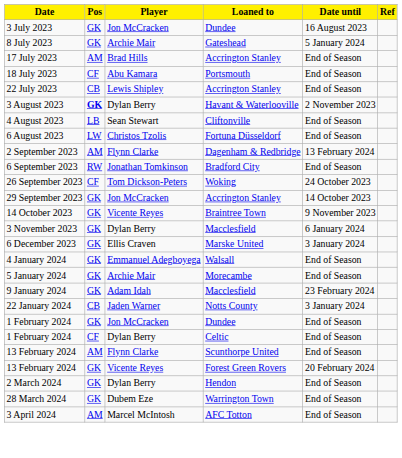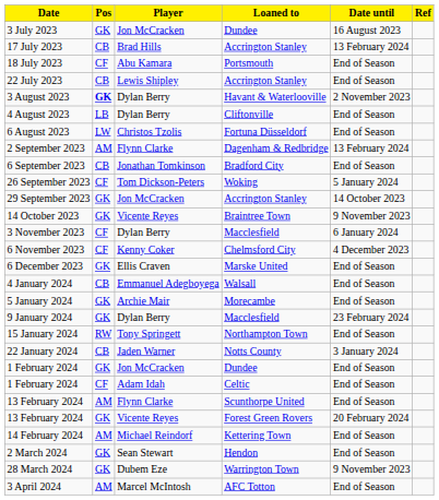 <table class="wikitable plainrowheaders sortable">
 <tr>
 <th style="background:#fff000;color:#000000;">Date</th>
 <th style="background:#fff000;color:#000000;">Pos</th>
 <th style="background:#fff000;color:#000000;">Player</th>
 <th style="background:#fff000;color:#000000;">Loaned to</th>
 <th style="background:#fff000;color:#000000;">Date until</th>
 <th style="background:#fff000;color:#000000;">Ref</th>
 </tr>
 <tr>
 <td>3 July 2023</td>
 <td><a href='#'>GK</a></td>
 <td> <a href='#'>Jon McCracken</a></td>
 <td> <a href='#'>Dundee</a></td>
 <td>16 August 2023</td>
 <td></td>
 </tr>
 <tr>
-<td>8 July 2023</td>
-<td><a href='#'>GK</a></td>
-<td> <a href='#'>Archie Mair</a></td>
-<td> <a href='#'>Gateshead</a></td>
-<td>5 January 2024</td>
-<td></td>
-</tr>
-<tr>
 <td>17 July 2023</td>
-<td><a href='#'>AM</a></td>
+<td><a href='#'>CB</a></td>
 <td> <a href='#'>Brad Hills</a></td>
 <td> <a href='#'>Accrington Stanley</a></td>
-<td>End of Season</td>
+<td>13 February 2024</td>
 <td></td>
 </tr>
 <tr>
 <td>18 July 2023</td>
 <td><a href='#'>CF</a></td>
 <td> <a href='#'>Abu Kamara</a></td>
 <td> <a href='#'>Portsmouth</a></td>
 <td>End of Season</td>
 <td></td>
 </tr>
 <tr>
 <td>22 July 2023</td>
 <td><a href='#'>CB</a></td>
 <td> <a href='#'>Lewis Shipley</a></td>
 <td> <a href='#'>Accrington Stanley</a></td>
 <td>End of Season</td>
 <td></td>
 </tr>
 <tr>
 <td>3 August 2023</td>
 <td><strong><a href='#'>GK</a></strong></td>
 <td> Dylan Berry</td>
 <td> <a href='#'>Havant & Waterlooville</a></td>
 <td>2 November 2023</td>
 <td></td>
 </tr>
 <tr>
 <td>4 August 2023</td>
 <td><a href='#'>LB</a></td>
-<td> Sean Stewart</td>
+<td> Dylan Berry</td>
 <td> <a href='#'>Cliftonville</a></td>
 <td>End of Season</td>
 <td></td>
 </tr>
 <tr>
 <td>6 August 2023</td>
 <td><a href='#'>LW</a></td>
 <td> <a href='#'>Christos Tzolis</a></td>
 <td> <a href='#'>Fortuna Düsseldorf</a></td>
 <td>End of Season</td>
 <td></td>
 </tr>
 <tr>
 <td>2 September 2023</td>
 <td><a href='#'>AM</a></td>
 <td> <a href='#'>Flynn Clarke</a></td>
 <td> <a href='#'>Dagenham & Redbridge</a></td>
 <td>13 February 2024</td>
 <td></td>
 </tr>
 <tr>
 <td>6 September 2023</td>
-<td><a href='#'>RW</a></td>
+<td><a href='#'>CB</a></td>
 <td> <a href='#'>Jonathan Tomkinson</a></td>
 <td> <a href='#'>Bradford City</a></td>
 <td>End of Season</td>
 <td></td>
 </tr>
 <tr>
 <td>26 September 2023</td>
 <td><a href='#'>CF</a></td>
 <td> <a href='#'>Tom Dickson-Peters</a></td>
 <td> <a href='#'>Woking</a></td>
-<td>24 October 2023</td>
+<td>5 January 2024</td>
 <td></td>
 </tr>
 <tr>
 <td>29 September 2023</td>
 <td><a href='#'>GK</a></td>
 <td> <a href='#'>Jon McCracken</a></td>
 <td> <a href='#'>Accrington Stanley</a></td>
 <td>14 October 2023</td>
 <td></td>
 </tr>
 <tr>
 <td>14 October 2023</td>
 <td><a href='#'>GK</a></td>
 <td> <a href='#'>Vicente Reyes</a></td>
 <td> <a href='#'>Braintree Town</a></td>
 <td>9 November 2023</td>
 <td></td>
 </tr>
 <tr>
 <td>3 November 2023</td>
-<td><a href='#'>GK</a></td>
+<td><a href='#'>CF</a></td>
 <td> Dylan Berry</td>
 <td> <a href='#'>Macclesfield</a></td>
 <td>6 January 2024</td>
+<td></td>
+</tr>
+<tr>
+<td>6 November 2023</td>
+<td><a href='#'>CF</a></td>
+<td> <a href='#'>Kenny Coker</a></td>
+<td> <a href='#'>Chelmsford City</a></td>
+<td>4 December 2023</td>
 <td></td>
 </tr>
 <tr>
 <td>6 December 2023</td>
 <td><a href='#'>GK</a></td>
 <td> Ellis Craven</td>
 <td> <a href='#'>Marske United</a></td>
-<td>3 January 2024</td>
+<td>End of Season</td>
 <td></td>
 </tr>
 <tr>
 <td>4 January 2024</td>
-<td><a href='#'>GK</a></td>
+<td><a href='#'>CB</a></td>
 <td> <a href='#'>Emmanuel Adegboyega</a></td>
 <td> <a href='#'>Walsall</a></td>
 <td>End of Season</td>
 <td></td>
 </tr>
 <tr>
 <td>5 January 2024</td>
 <td><a href='#'>GK</a></td>
 <td> <a href='#'>Archie Mair</a></td>
 <td> <a href='#'>Morecambe</a></td>
 <td>End of Season</td>
 <td></td>
 </tr>
 <tr>
 <td>9 January 2024</td>
 <td><a href='#'>GK</a></td>
-<td> <a href='#'>Adam Idah</a></td>
+<td> Dylan Berry</td>
 <td> <a href='#'>Macclesfield</a></td>
 <td>23 February 2024</td>
+<td></td>
+</tr>
+<tr>
+<td>15 January 2024</td>
+<td><a href='#'>RW</a></td>
+<td> <a href='#'>Tony Springett</a></td>
+<td> <a href='#'>Northampton Town</a></td>
+<td>End of Season</td>
 <td></td>
 </tr>
 <tr>
 <td>22 January 2024</td>
 <td><a href='#'>CB</a></td>
 <td> <a href='#'>Jaden Warner</a></td>
 <td> <a href='#'>Notts County</a></td>
 <td>3 January 2024</td>
 <td></td>
 </tr>
 <tr>
 <td>1 February 2024</td>
 <td><a href='#'>GK</a></td>
 <td> <a href='#'>Jon McCracken</a></td>
 <td> <a href='#'>Dundee</a></td>
 <td>End of Season</td>
 <td></td>
 </tr>
 <tr>
 <td>1 February 2024</td>
 <td><a href='#'>CF</a></td>
-<td> Dylan Berry</td>
+<td> <a href='#'>Adam Idah</a></td>
 <td> <a href='#'>Celtic</a></td>
 <td>End of Season</td>
 <td></td>
 </tr>
 <tr>
 <td>13 February 2024</td>
 <td><a href='#'>AM</a></td>
 <td> <a href='#'>Flynn Clarke</a></td>
 <td> <a href='#'>Scunthorpe United</a></td>
 <td>End of Season</td>
 <td></td>
 </tr>
 <tr>
 <td>13 February 2024</td>
 <td><a href='#'>GK</a></td>
 <td> <a href='#'>Vicente Reyes</a></td>
 <td> <a href='#'>Forest Green Rovers</a></td>
 <td>20 February 2024</td>
 <td></td>
 </tr>
 <tr>
+<td>14 February 2024</td>
+<td><a href='#'>AM</a></td>
+<td> <a href='#'>Michael Reindorf</a></td>
+<td> <a href='#'>Kettering Town</a></td>
+<td>End of Season</td>
+<td></td>
+</tr>
+<tr>
 <td>2 March 2024</td>
 <td><a href='#'>GK</a></td>
-<td> Dylan Berry</td>
+<td> Sean Stewart</td>
 <td> <a href='#'>Hendon</a></td>
 <td>End of Season</td>
 <td></td>
 </tr>
 <tr>
 <td>28 March 2024</td>
 <td><a href='#'>GK</a></td>
 <td> Dubem Eze</td>
 <td> <a href='#'>Warrington Town</a></td>
-<td>End of Season</td>
+<td>9 November 2023</td>
 <td></td>
 </tr>
 <tr>
 <td>3 April 2024</td>
 <td><a href='#'>AM</a></td>
 <td> Marcel McIntosh</td>
 <td> <a href='#'>AFC Totton</a></td>
 <td>End of Season</td>
 <td></td>
 </tr>
 </table>
